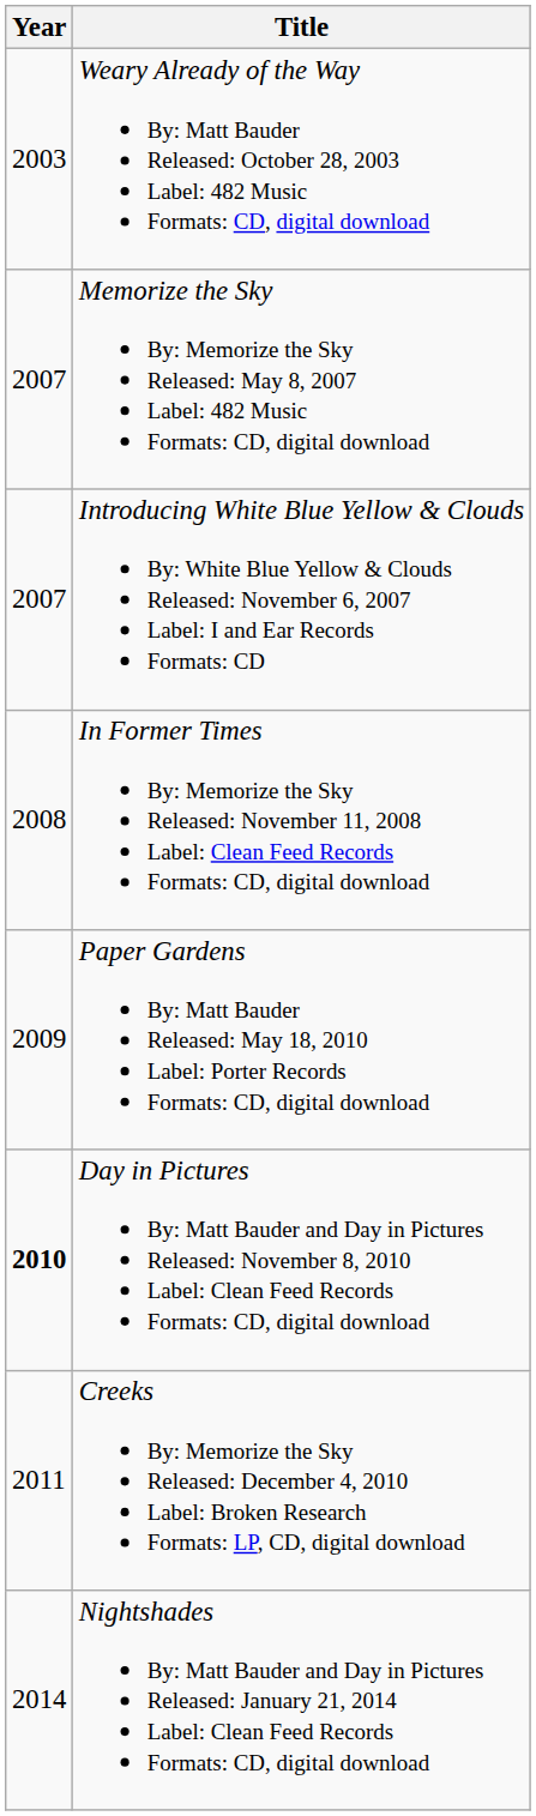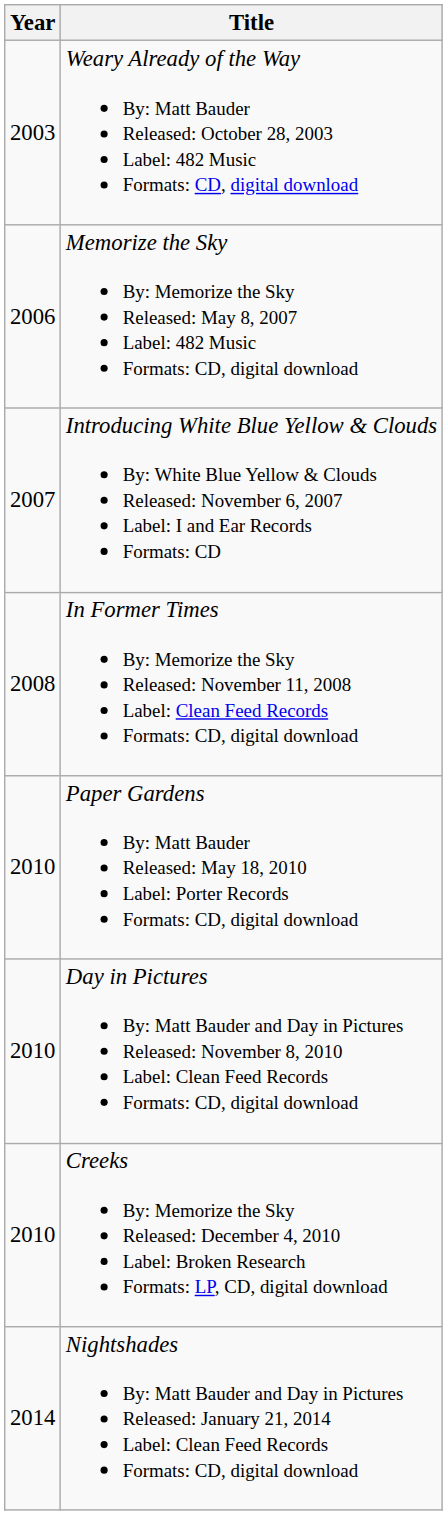 <table class="wikitable">
 <tr>
 <th rowspan="1">Year</th>
 <th rowspan="1">Title</th>
 </tr>
 <tr>
 <td>2003</td>
 <td><em>Weary Already of the Way</em><br><ul><li><small>By: Matt Bauder</small></li><li><small>Released: October 28, 2003</small></li><li><small>Label: 482 Music</small></li><li><small>Formats: <a href='#'>CD</a>, <a href='#'>digital download</a></small></li></ul></td>
 </tr>
 <tr>
-<td>2007</td>
+<td>2006</td>
 <td><em>Memorize the Sky</em><br><ul><li><small>By: Memorize the Sky</small></li><li><small>Released: May 8, 2007</small></li><li><small>Label: 482 Music</small></li><li><small>Formats: CD, digital download</small></li></ul></td>
 </tr>
 <tr>
 <td>2007</td>
 <td><em>Introducing White Blue Yellow & Clouds</em><br><ul><li><small>By: White Blue Yellow & Clouds</small></li><li><small>Released: November 6, 2007</small></li><li><small>Label: I and Ear Records</small></li><li><small>Formats: CD</small></li></ul></td>
 </tr>
 <tr>
 <td>2008</td>
 <td><em>In Former Times</em><br><ul><li><small>By: Memorize the Sky</small></li><li><small>Released: November 11, 2008</small></li><li><small>Label: <a href='#'>Clean Feed Records</a></small></li><li><small>Formats: CD, digital download</small></li></ul></td>
 </tr>
 <tr>
-<td>2009</td>
+<td>2010</td>
 <td><em>Paper Gardens</em><br><ul><li><small>By: Matt Bauder</small></li><li><small>Released: May 18, 2010</small></li><li><small>Label: Porter Records</small></li><li><small>Formats: CD, digital download</small></li></ul></td>
 </tr>
 <tr>
-<td><strong>2010</strong></td>
+<td>2010</td>
 <td><em>Day in Pictures</em><br><ul><li><small>By: Matt Bauder and Day in Pictures</small></li><li><small>Released: November 8, 2010</small></li><li><small>Label: Clean Feed Records</small></li><li><small>Formats: CD, digital download</small></li></ul></td>
 </tr>
 <tr>
-<td>2011</td>
+<td>2010</td>
 <td><em>Creeks</em><br><ul><li><small>By: Memorize the Sky</small></li><li><small>Released: December 4, 2010</small></li><li><small>Label: Broken Research</small></li><li><small>Formats: <a href='#'>LP</a>, CD, digital download</small></li></ul></td>
 </tr>
 <tr>
 <td>2014</td>
 <td><em>Nightshades</em><br><ul><li><small>By: Matt Bauder and Day in Pictures</small></li><li><small>Released: January 21, 2014</small></li><li><small>Label: Clean Feed Records</small></li><li><small>Formats: CD, digital download</small></li></ul></td>
 </tr>
 </table>
